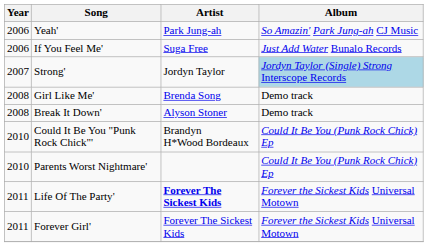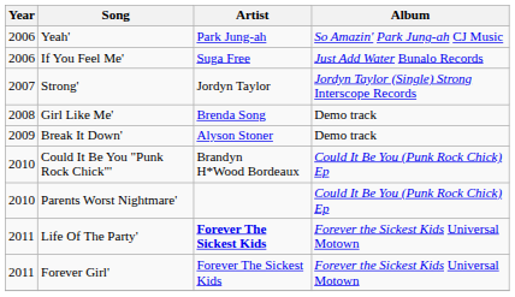 <table class="wikitable">
 <tr>
 <th>Year</th>
 <th>Song</th>
 <th>Artist</th>
 <th>Album</th>
 </tr>
 <tr>
 <td>2006</td>
 <td>Yeah'</td>
 <td><a href='#'>Park Jung-ah</a></td>
 <td><em><a href='#'>So Amazin'</a></em> <em><a href='#'>Park Jung-ah</a></em> <a href='#'>CJ Music</a></td>
 </tr>
 <tr>
 <td>2006</td>
 <td>If You Feel Me'</td>
 <td><a href='#'>Suga Free</a></td>
 <td><em><a href='#'>Just Add Water</a></em> <a href='#'>Bunalo Records</a></td>
 </tr>
 <tr>
 <td>2007</td>
 <td>Strong'</td>
 <td>Jordyn Taylor</td>
-<td style="background: lightblue;"><em><a href='#'>Jordyn Taylor (Single) Strong</a></em> <a href='#'>Interscope Records</a></td>
+<td><em><a href='#'>Jordyn Taylor (Single) Strong</a></em> <a href='#'>Interscope Records</a></td>
 </tr>
 <tr>
 <td>2008</td>
 <td>Girl Like Me'</td>
 <td><a href='#'>Brenda Song</a></td>
 <td>Demo track</td>
 </tr>
 <tr>
-<td>2008</td>
+<td>2009</td>
 <td>Break It Down'</td>
 <td><a href='#'>Alyson Stoner</a></td>
 <td>Demo track</td>
 </tr>
 <tr>
 <td>2010</td>
 <td>Could It Be You "Punk Rock Chick"'</td>
 <td>Brandyn<br>H*Wood Bordeaux </td>
 <td><em><a href='#'>Could It Be You (Punk Rock Chick) Ep</a></em></td>
 </tr>
 <tr>
 <td>2010</td>
 <td>Parents Worst Nightmare'</td>
 <td></td>
 <td><em><a href='#'>Could It Be You (Punk Rock Chick) Ep</a></em></td>
 </tr>
 <tr>
 <td>2011</td>
 <td>Life Of The Party'</td>
 <td><strong><a href='#'>Forever The Sickest Kids</a></strong></td>
 <td><em><a href='#'>Forever the Sickest Kids</a></em> <a href='#'>Universal Motown</a></td>
 </tr>
 <tr>
 <td>2011</td>
 <td>Forever Girl'</td>
 <td><a href='#'>Forever The Sickest Kids</a></td>
 <td><em><a href='#'>Forever the Sickest Kids</a></em> <a href='#'>Universal Motown</a></td>
 </tr>
 <tr>
 </tr>
 </table>
